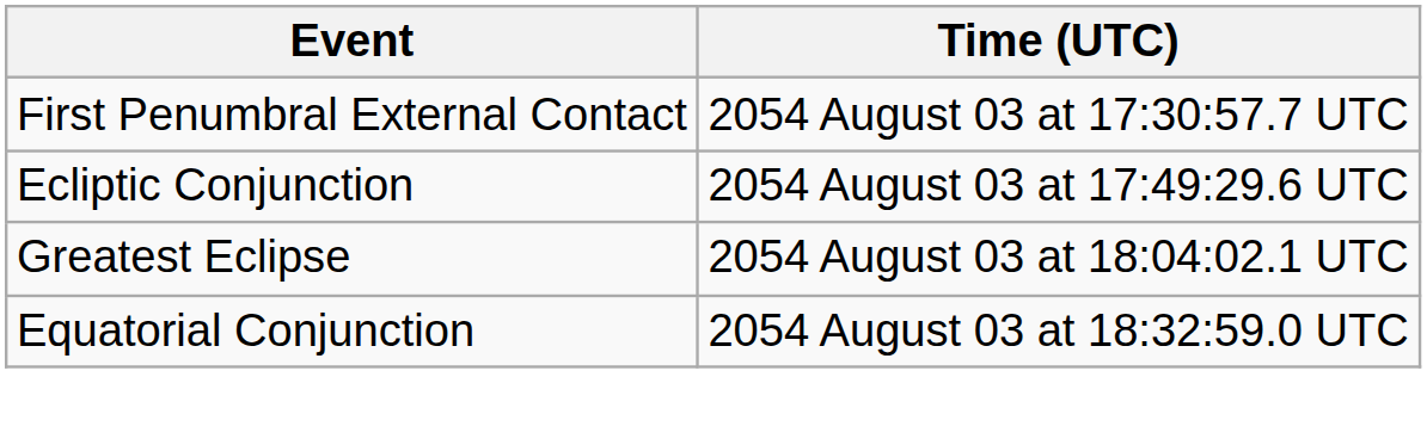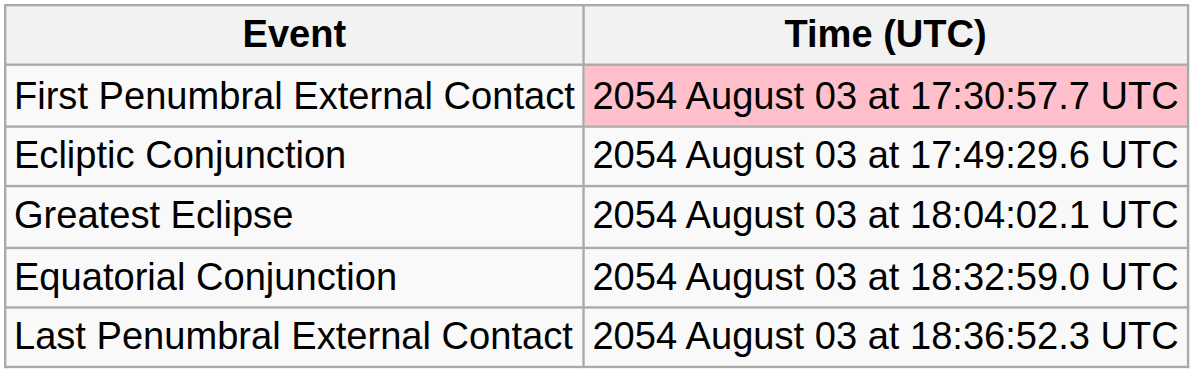 <table class="wikitable">
 <tr>
 <th>Event</th>
 <th>Time (UTC)</th>
 </tr>
 <tr>
 <td>First Penumbral External Contact</td>
-<td>2054 August 03 at 17:30:57.7 UTC</td>
+<td style="background: pink;">2054 August 03 at 17:30:57.7 UTC</td>
 </tr>
 <tr>
 <td>Ecliptic Conjunction</td>
 <td>2054 August 03 at 17:49:29.6 UTC</td>
 </tr>
 <tr>
 <td>Greatest Eclipse</td>
 <td>2054 August 03 at 18:04:02.1 UTC</td>
 </tr>
 <tr>
 <td>Equatorial Conjunction</td>
 <td>2054 August 03 at 18:32:59.0 UTC</td>
 </tr>
+<tr>
+<td>Last Penumbral External Contact</td>
+<td>2054 August 03 at 18:36:52.3 UTC</td>
+</tr>
 </table>
